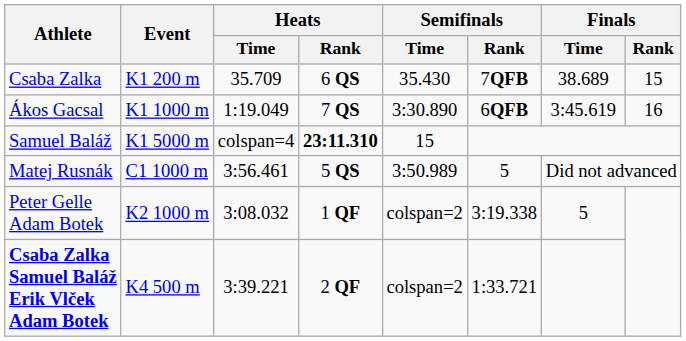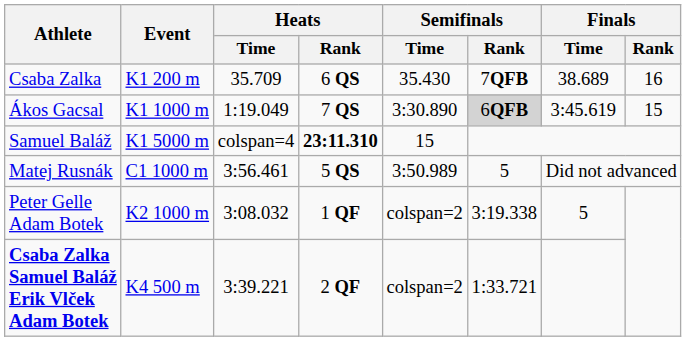 <table class="wikitable" style="font-size:90%">
 <tr>
 <th rowspan="2">Athlete</th>
 <th rowspan="2">Event</th>
 <th colspan=2>Heats</th>
 <th colspan=2>Semifinals</th>
 <th colspan=2>Finals</th>
 </tr>
 <tr style="font-size:95%">
 <th>Time</th>
 <th>Rank</th>
 <th>Time</th>
 <th>Rank</th>
 <th>Time</th>
 <th>Rank</th>
 </tr>
 <tr align=center>
 <td align=left><a href='#'>Csaba Zalka</a></td>
 <td align=left><a href='#'>K1 200 m</a></td>
 <td>35.709</td>
 <td>6 <strong>QS</strong></td>
 <td>35.430</td>
 <td>7<strong>QFB</strong></td>
 <td>38.689</td>
-<td>15</td>
+<td>16</td>
 </tr>
 <tr align=center>
 <td align=left><a href='#'>Ákos Gacsal</a></td>
 <td align=left><a href='#'>K1 1000 m</a></td>
 <td>1:19.049</td>
 <td>7 <strong>QS</strong></td>
 <td>3:30.890</td>
-<td>6<strong>QFB</strong></td>
+<td style="background: lightgrey;">6<strong>QFB</strong></td>
 <td>3:45.619</td>
-<td>16</td>
+<td>15</td>
 </tr>
 <tr align=center>
 <td align=left><a href='#'>Samuel Baláž</a></td>
 <td align=left><a href='#'>K1 5000 m</a></td>
 <td>colspan=4 </td>
 <td><strong>23:11.310</strong></td>
 <td>15</td>
 </tr>
 <tr align=center>
 <td align=left><a href='#'>Matej Rusnák</a></td>
 <td align=left><a href='#'>C1 1000 m</a></td>
 <td>3:56.461</td>
 <td>5 <strong>QS</strong></td>
 <td>3:50.989</td>
 <td>5</td>
 <td colspan=2>Did not advanced</td>
 </tr>
 <tr align=center>
 <td align=left><a href='#'>Peter Gelle</a><br><a href='#'>Adam Botek</a></td>
 <td align=left><a href='#'>K2 1000 m</a></td>
 <td>3:08.032</td>
 <td>1 <strong>QF</strong></td>
 <td>colspan=2 </td>
 <td>3:19.338</td>
 <td>5</td>
 </tr>
 <tr align=center>
 <td align=left><strong><a href='#'>Csaba Zalka</a></strong><br><strong><a href='#'>Samuel Baláž</a></strong><br><strong><a href='#'>Erik Vlček</a></strong><br><strong><a href='#'>Adam Botek</a></strong></td>
 <td align=left><a href='#'>K4 500 m</a></td>
 <td>3:39.221</td>
 <td>2 <strong>QF</strong></td>
 <td>colspan=2 </td>
 <td>1:33.721</td>
 <td></td>
 </tr>
 </table>
